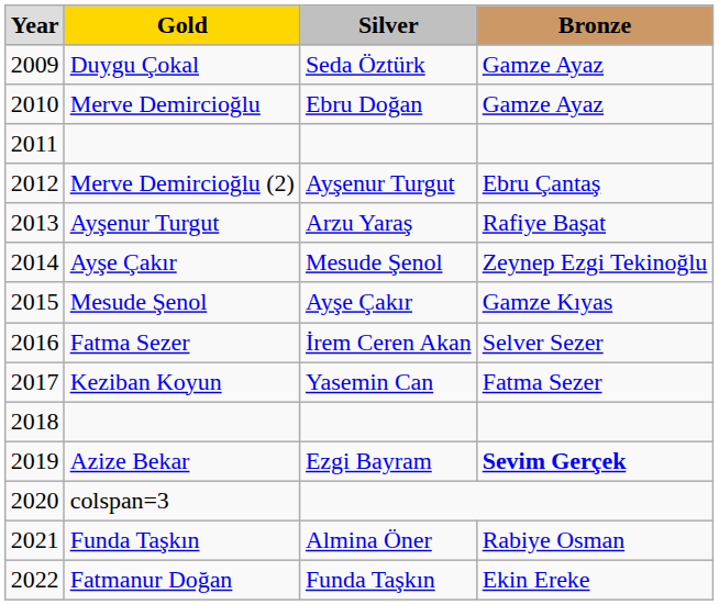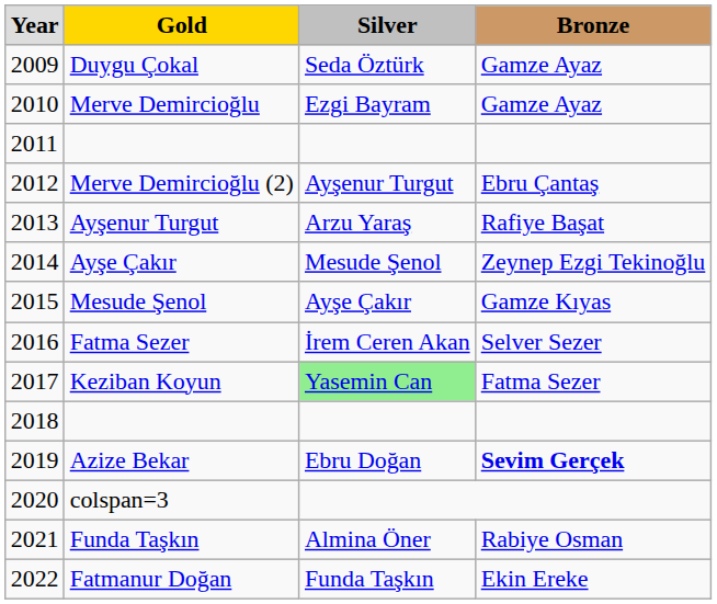 <table class="wikitable sortable" style="font-size:95%">
 <tr style="text-align:center; background:#e4e4e4; font-weight:bold;">
 <td style="background:#ddd; ">Year</td>
 <td style="background:gold; ">Gold</td>
 <td style="background:silver; ">Silver</td>
 <td style="background:#c96; ">Bronze</td>
 </tr>
 <tr>
 <td>2009</td>
 <td><a href='#'>Duygu Çokal</a></td>
 <td><a href='#'>Seda Öztürk</a></td>
 <td><a href='#'>Gamze Ayaz</a></td>
 </tr>
 <tr>
 <td>2010</td>
 <td><a href='#'>Merve Demircioğlu</a></td>
-<td><a href='#'>Ebru Doğan</a></td>
+<td><a href='#'>Ezgi Bayram</a></td>
 <td><a href='#'>Gamze Ayaz</a></td>
 </tr>
 <tr>
 <td>2011</td>
 <td></td>
 <td></td>
 <td></td>
 </tr>
 <tr>
 <td>2012</td>
 <td><a href='#'>Merve Demircioğlu</a> (2)</td>
 <td><a href='#'>Ayşenur Turgut</a></td>
 <td><a href='#'>Ebru Çantaş</a></td>
 </tr>
 <tr>
 <td>2013</td>
 <td><a href='#'>Ayşenur Turgut</a></td>
 <td><a href='#'>Arzu Yaraş</a></td>
 <td><a href='#'>Rafiye Başat</a></td>
 </tr>
 <tr>
 <td>2014</td>
 <td><a href='#'>Ayşe Çakır</a></td>
 <td><a href='#'>Mesude Şenol</a></td>
 <td><a href='#'>Zeynep Ezgi Tekinoğlu</a></td>
 </tr>
 <tr>
 <td>2015</td>
 <td><a href='#'>Mesude Şenol</a></td>
 <td><a href='#'>Ayşe Çakır</a></td>
 <td><a href='#'>Gamze Kıyas</a></td>
 </tr>
 <tr>
 <td>2016</td>
 <td><a href='#'>Fatma Sezer</a></td>
 <td><a href='#'>İrem Ceren Akan</a></td>
 <td><a href='#'>Selver Sezer</a></td>
 </tr>
 <tr>
 <td>2017</td>
 <td><a href='#'>Keziban Koyun</a></td>
-<td><a href='#'>Yasemin Can</a></td>
+<td style="background: lightgreen;"><a href='#'>Yasemin Can</a></td>
 <td><a href='#'>Fatma Sezer</a></td>
 </tr>
 <tr>
 <td>2018</td>
 <td></td>
 <td></td>
 <td></td>
 </tr>
 <tr>
 <td>2019</td>
 <td><a href='#'>Azize Bekar</a></td>
-<td><a href='#'>Ezgi Bayram</a></td>
+<td><a href='#'>Ebru Doğan</a></td>
 <td><strong><a href='#'>Sevim Gerçek</a></strong></td>
 </tr>
 <tr>
 <td>2020</td>
 <td>colspan=3 </td>
 </tr>
 <tr>
 <td>2021</td>
 <td><a href='#'>Funda Taşkın</a></td>
 <td><a href='#'>Almina Öner</a></td>
 <td><a href='#'>Rabiye Osman</a></td>
 </tr>
 <tr>
 <td>2022</td>
 <td><a href='#'>Fatmanur Doğan</a></td>
 <td><a href='#'>Funda Taşkın</a></td>
 <td><a href='#'>Ekin Ereke</a></td>
 </tr>
 </table>
